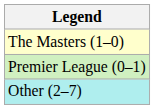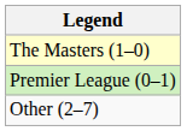 <table class="wikitable">
 <tr>
 <th>Legend</th>
 </tr>
 <tr style="background:#ffc;">
 <td>The Masters (1–0)</td>
 </tr>
 <tr style="background:#d0f0c0;">
 <td>Premier League (0–1)</td>
 </tr>
 <tr>
-<td style="background: paleturquoise;">Other (2–7)</td>
+<td>Other (2–7)</td>
 </tr>
 </table>
